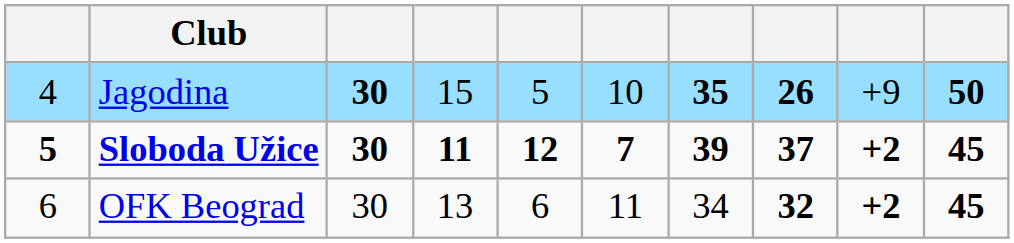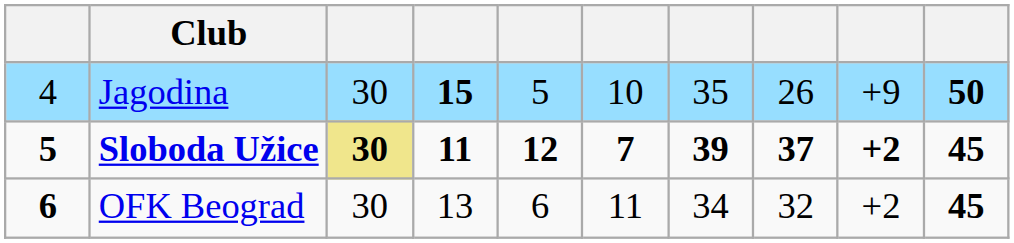 <table class="wikitable" style="text-align:center">
 <tr>
 <th width=30></th>
 <th>Club</th>
 <th width=30></th>
 <th width=30></th>
 <th width=30></th>
 <th width=30></th>
 <th width=30></th>
 <th width=30></th>
 <th width=30></th>
 <th width=30></th>
 </tr>
 <tr style="background:#97deff;">
 <td>4</td>
 <td align=left><a href='#'>Jagodina</a></td>
-<td><strong>30</strong></td>
-<td>15</td>
+<td>30</td>
+<td><strong>15</strong></td>
 <td>5</td>
 <td>10</td>
-<td><strong>35</strong></td>
-<td><strong>26</strong></td>
+<td>35</td>
+<td>26</td>
 <td>+9</td>
 <td><strong>50</strong></td>
 </tr>
 <tr>
 <td><strong>5</strong></td>
 <td align=left><strong><a href='#'>Sloboda Užice</a></strong></td>
-<td><strong>30</strong></td>
+<td style="background: khaki;"><strong>30</strong></td>
 <td><strong>11</strong></td>
 <td><strong>12</strong></td>
 <td><strong>7</strong></td>
 <td><strong>39</strong></td>
 <td><strong>37</strong></td>
 <td><strong>+2</strong></td>
 <td><strong>45</strong></td>
 </tr>
 <tr>
-<td>6</td>
+<td><strong>6</strong></td>
 <td align=left><a href='#'>OFK Beograd</a></td>
 <td>30</td>
 <td>13</td>
 <td>6</td>
 <td>11</td>
 <td>34</td>
-<td><strong>32</strong></td>
-<td><strong>+2</strong></td>
+<td>32</td>
+<td>+2</td>
 <td><strong>45</strong></td>
 </tr>
 </table>
